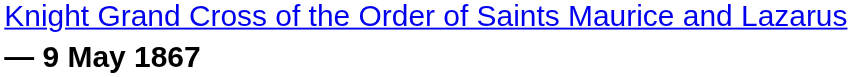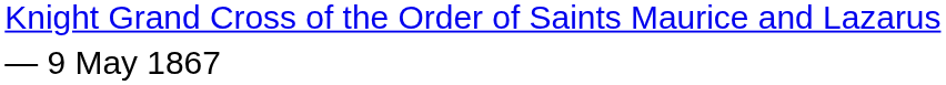 <table>
 <tr>
 <td rowspan=2 style="width:60px; vertical-align:top;"></td>
 <td><a href='#'>Knight Grand Cross of the Order of Saints Maurice and Lazarus</a></td>
 </tr>
 <tr>
-<td><strong>— 9 May 1867</strong></td>
+<td>— 9 May 1867</td>
 </tr>
 </table>
